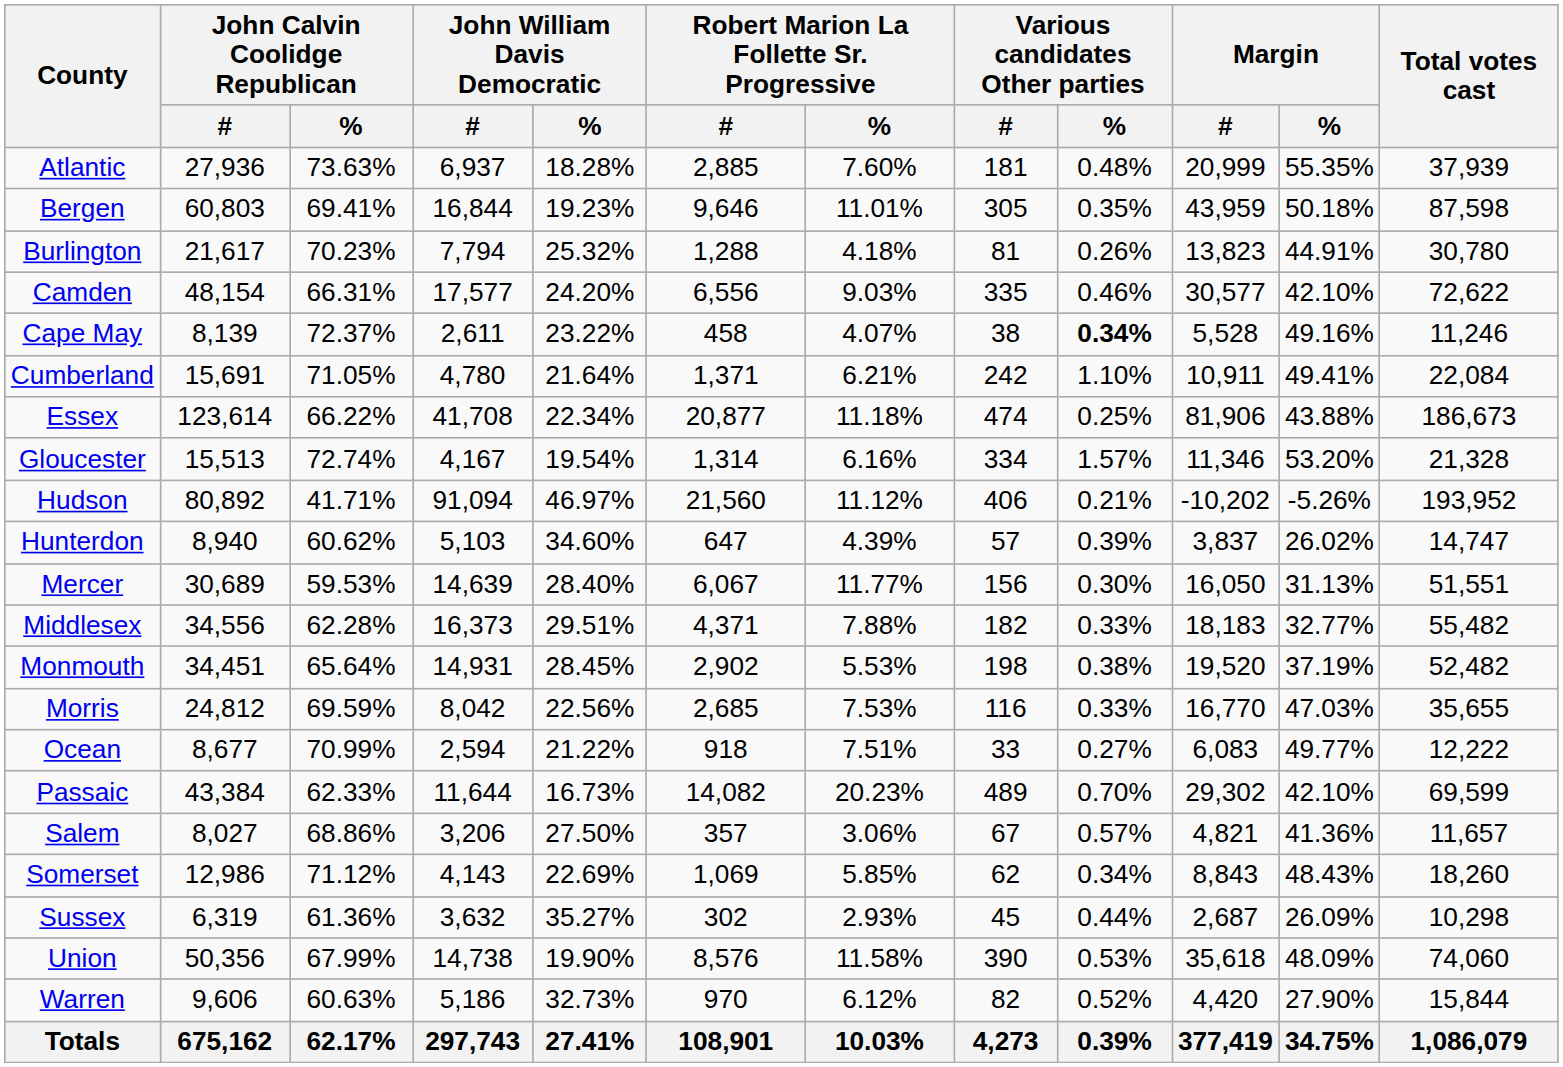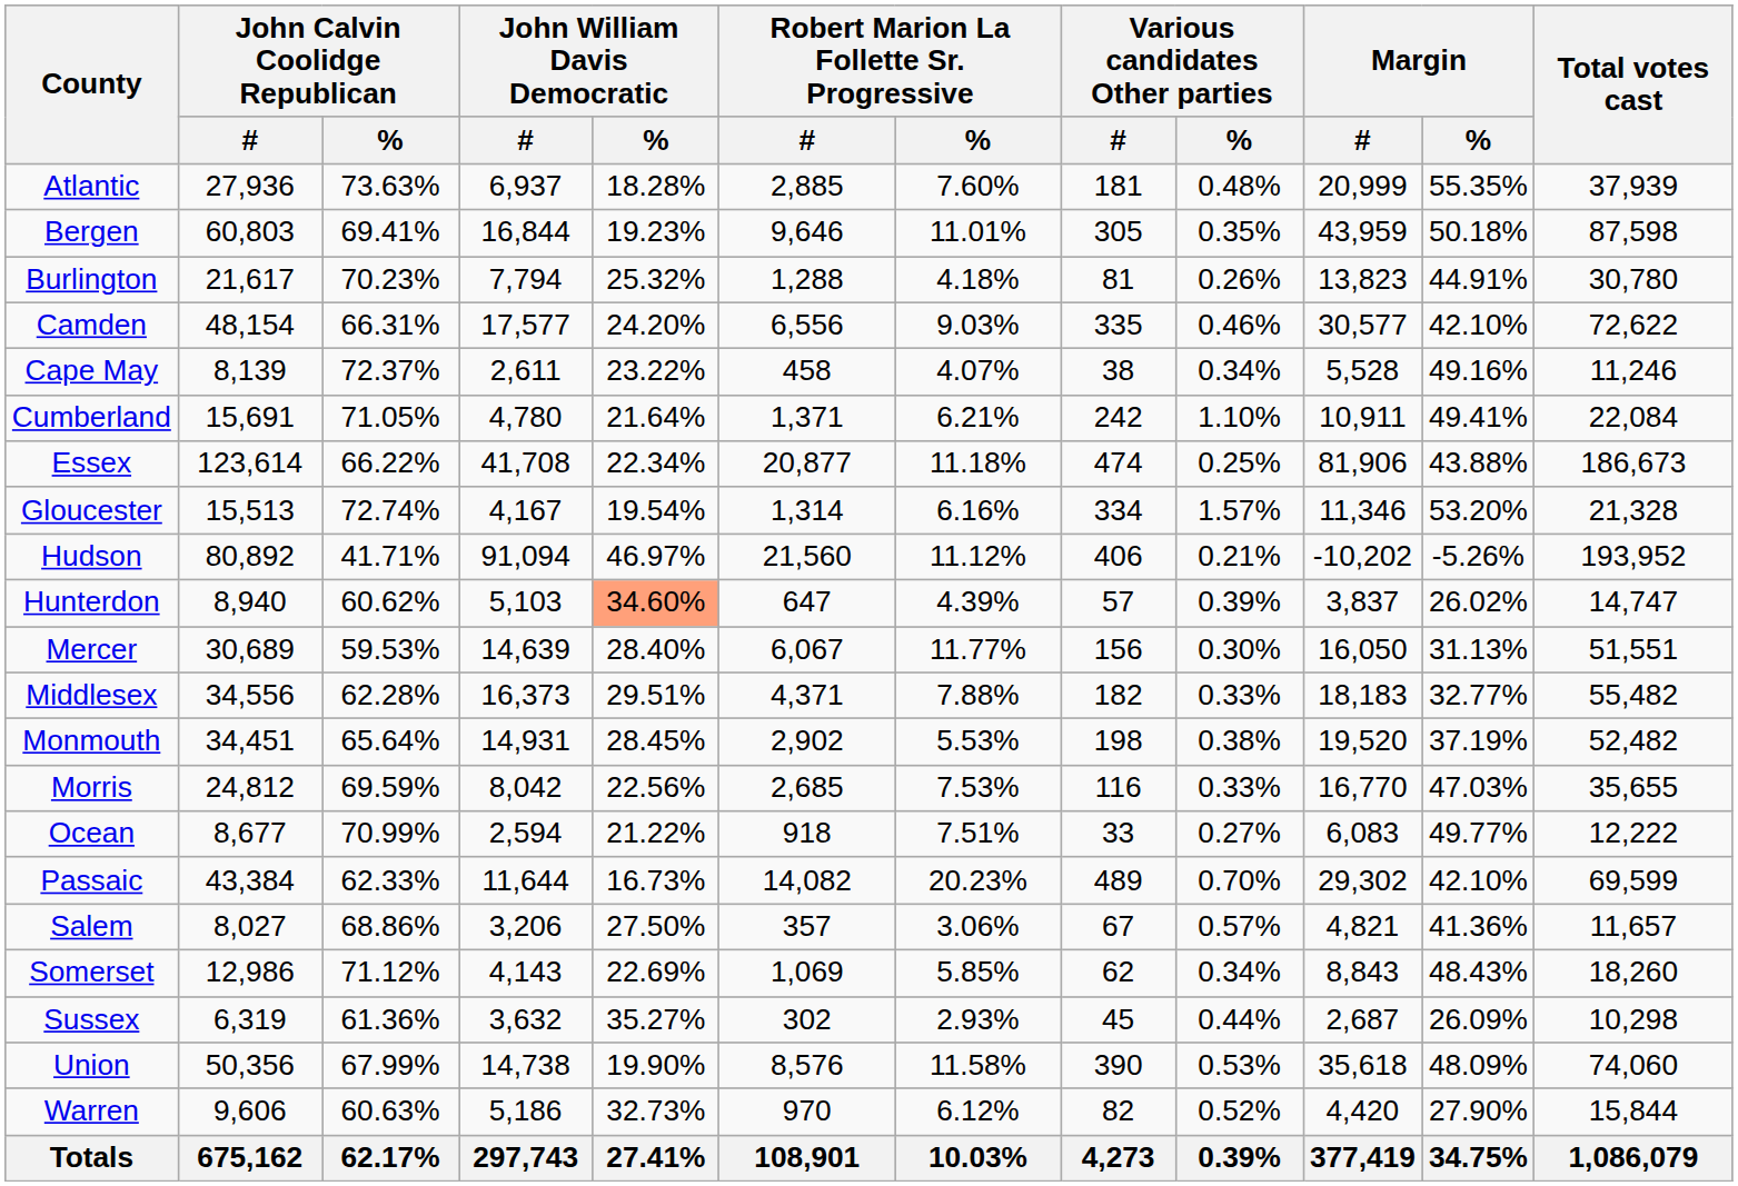 <table width="75%"  class="wikitable sortable" style="text-align:center">
 <tr>
 <th style="text-align:center;" rowspan="2">County</th>
 <th style="text-align:center;" colspan="2">John Calvin Coolidge<br>Republican</th>
 <th style="text-align:center;" colspan="2">John William Davis<br> Democratic</th>
 <th style="text-align:center;" colspan="2">Robert Marion La Follette Sr.<br>Progressive</th>
 <th style="text-align:center;" colspan="2">Various candidates<br>Other parties</th>
 <th style="text-align:center;" colspan="2">Margin</th>
 <th style="text-align:center;" rowspan="2">Total votes cast</th>
 </tr>
 <tr>
 <th style="text-align:center;" data-sort-type="number">#</th>
 <th style="text-align:center;" data-sort-type="number">%</th>
 <th style="text-align:center;" data-sort-type="number">#</th>
 <th style="text-align:center;" data-sort-type="number">%</th>
 <th style="text-align:center;" data-sort-type="number">#</th>
 <th style="text-align:center;" data-sort-type="number">%</th>
 <th style="text-align:center;" data-sort-type="number">#</th>
 <th style="text-align:center;" data-sort-type="number">%</th>
 <th style="text-align:center;" data-sort-type="number">#</th>
 <th style="text-align:center;" data-sort-type="number">%</th>
 </tr>
 <tr style="text-align:center;">
 <td><a href='#'>Atlantic</a></td>
 <td>27,936</td>
 <td>73.63%</td>
 <td>6,937</td>
 <td>18.28%</td>
 <td>2,885</td>
 <td>7.60%</td>
 <td>181</td>
 <td>0.48%</td>
 <td>20,999</td>
 <td>55.35%</td>
 <td>37,939</td>
 </tr>
 <tr style="text-align:center;">
 <td><a href='#'>Bergen</a></td>
 <td>60,803</td>
 <td>69.41%</td>
 <td>16,844</td>
 <td>19.23%</td>
 <td>9,646</td>
 <td>11.01%</td>
 <td>305</td>
 <td>0.35%</td>
 <td>43,959</td>
 <td>50.18%</td>
 <td>87,598</td>
 </tr>
 <tr style="text-align:center;">
 <td><a href='#'>Burlington</a></td>
 <td>21,617</td>
 <td>70.23%</td>
 <td>7,794</td>
 <td>25.32%</td>
 <td>1,288</td>
 <td>4.18%</td>
 <td>81</td>
 <td>0.26%</td>
 <td>13,823</td>
 <td>44.91%</td>
 <td>30,780</td>
 </tr>
 <tr style="text-align:center;">
 <td><a href='#'>Camden</a></td>
 <td>48,154</td>
 <td>66.31%</td>
 <td>17,577</td>
 <td>24.20%</td>
 <td>6,556</td>
 <td>9.03%</td>
 <td>335</td>
 <td>0.46%</td>
 <td>30,577</td>
 <td>42.10%</td>
 <td>72,622</td>
 </tr>
 <tr style="text-align:center;">
 <td><a href='#'>Cape May</a></td>
 <td>8,139</td>
 <td>72.37%</td>
 <td>2,611</td>
 <td>23.22%</td>
 <td>458</td>
 <td>4.07%</td>
 <td>38</td>
-<td><strong>0.34%</strong></td>
+<td>0.34%</td>
 <td>5,528</td>
 <td>49.16%</td>
 <td>11,246</td>
 </tr>
 <tr style="text-align:center;">
 <td><a href='#'>Cumberland</a></td>
 <td>15,691</td>
 <td>71.05%</td>
 <td>4,780</td>
 <td>21.64%</td>
 <td>1,371</td>
 <td>6.21%</td>
 <td>242</td>
 <td>1.10%</td>
 <td>10,911</td>
 <td>49.41%</td>
 <td>22,084</td>
 </tr>
 <tr style="text-align:center;">
 <td><a href='#'>Essex</a></td>
 <td>123,614</td>
 <td>66.22%</td>
 <td>41,708</td>
 <td>22.34%</td>
 <td>20,877</td>
 <td>11.18%</td>
 <td>474</td>
 <td>0.25%</td>
 <td>81,906</td>
 <td>43.88%</td>
 <td>186,673</td>
 </tr>
 <tr style="text-align:center;">
 <td><a href='#'>Gloucester</a></td>
 <td>15,513</td>
 <td>72.74%</td>
 <td>4,167</td>
 <td>19.54%</td>
 <td>1,314</td>
 <td>6.16%</td>
 <td>334</td>
 <td>1.57%</td>
 <td>11,346</td>
 <td>53.20%</td>
 <td>21,328</td>
 </tr>
 <tr style="text-align:center;">
 <td><a href='#'>Hudson</a></td>
 <td>80,892</td>
 <td>41.71%</td>
 <td>91,094</td>
 <td>46.97%</td>
 <td>21,560</td>
 <td>11.12%</td>
 <td>406</td>
 <td>0.21%</td>
 <td>-10,202</td>
 <td>-5.26%</td>
 <td>193,952</td>
 </tr>
 <tr style="text-align:center;">
 <td><a href='#'>Hunterdon</a></td>
 <td>8,940</td>
 <td>60.62%</td>
 <td>5,103</td>
-<td>34.60%</td>
+<td style="background: lightsalmon;">34.60%</td>
 <td>647</td>
 <td>4.39%</td>
 <td>57</td>
 <td>0.39%</td>
 <td>3,837</td>
 <td>26.02%</td>
 <td>14,747</td>
 </tr>
 <tr style="text-align:center;">
 <td><a href='#'>Mercer</a></td>
 <td>30,689</td>
 <td>59.53%</td>
 <td>14,639</td>
 <td>28.40%</td>
 <td>6,067</td>
 <td>11.77%</td>
 <td>156</td>
 <td>0.30%</td>
 <td>16,050</td>
 <td>31.13%</td>
 <td>51,551</td>
 </tr>
 <tr style="text-align:center;">
 <td><a href='#'>Middlesex</a></td>
 <td>34,556</td>
 <td>62.28%</td>
 <td>16,373</td>
 <td>29.51%</td>
 <td>4,371</td>
 <td>7.88%</td>
 <td>182</td>
 <td>0.33%</td>
 <td>18,183</td>
 <td>32.77%</td>
 <td>55,482</td>
 </tr>
 <tr style="text-align:center;">
 <td><a href='#'>Monmouth</a></td>
 <td>34,451</td>
 <td>65.64%</td>
 <td>14,931</td>
 <td>28.45%</td>
 <td>2,902</td>
 <td>5.53%</td>
 <td>198</td>
 <td>0.38%</td>
 <td>19,520</td>
 <td>37.19%</td>
 <td>52,482</td>
 </tr>
 <tr style="text-align:center;">
 <td><a href='#'>Morris</a></td>
 <td>24,812</td>
 <td>69.59%</td>
 <td>8,042</td>
 <td>22.56%</td>
 <td>2,685</td>
 <td>7.53%</td>
 <td>116</td>
 <td>0.33%</td>
 <td>16,770</td>
 <td>47.03%</td>
 <td>35,655</td>
 </tr>
 <tr style="text-align:center;">
 <td><a href='#'>Ocean</a></td>
 <td>8,677</td>
 <td>70.99%</td>
 <td>2,594</td>
 <td>21.22%</td>
 <td>918</td>
 <td>7.51%</td>
 <td>33</td>
 <td>0.27%</td>
 <td>6,083</td>
 <td>49.77%</td>
 <td>12,222</td>
 </tr>
 <tr style="text-align:center;">
 <td><a href='#'>Passaic</a></td>
 <td>43,384</td>
 <td>62.33%</td>
 <td>11,644</td>
 <td>16.73%</td>
 <td>14,082</td>
 <td>20.23%</td>
 <td>489</td>
 <td>0.70%</td>
 <td>29,302</td>
 <td>42.10%</td>
 <td>69,599</td>
 </tr>
 <tr style="text-align:center;">
 <td><a href='#'>Salem</a></td>
 <td>8,027</td>
 <td>68.86%</td>
 <td>3,206</td>
 <td>27.50%</td>
 <td>357</td>
 <td>3.06%</td>
 <td>67</td>
 <td>0.57%</td>
 <td>4,821</td>
 <td>41.36%</td>
 <td>11,657</td>
 </tr>
 <tr style="text-align:center;">
 <td><a href='#'>Somerset</a></td>
 <td>12,986</td>
 <td>71.12%</td>
 <td>4,143</td>
 <td>22.69%</td>
 <td>1,069</td>
 <td>5.85%</td>
 <td>62</td>
 <td>0.34%</td>
 <td>8,843</td>
 <td>48.43%</td>
 <td>18,260</td>
 </tr>
 <tr style="text-align:center;">
 <td><a href='#'>Sussex</a></td>
 <td>6,319</td>
 <td>61.36%</td>
 <td>3,632</td>
 <td>35.27%</td>
 <td>302</td>
 <td>2.93%</td>
 <td>45</td>
 <td>0.44%</td>
 <td>2,687</td>
 <td>26.09%</td>
 <td>10,298</td>
 </tr>
 <tr style="text-align:center;">
 <td><a href='#'>Union</a></td>
 <td>50,356</td>
 <td>67.99%</td>
 <td>14,738</td>
 <td>19.90%</td>
 <td>8,576</td>
 <td>11.58%</td>
 <td>390</td>
 <td>0.53%</td>
 <td>35,618</td>
 <td>48.09%</td>
 <td>74,060</td>
 </tr>
 <tr style="text-align:center;">
 <td><a href='#'>Warren</a></td>
 <td>9,606</td>
 <td>60.63%</td>
 <td>5,186</td>
 <td>32.73%</td>
 <td>970</td>
 <td>6.12%</td>
 <td>82</td>
 <td>0.52%</td>
 <td>4,420</td>
 <td>27.90%</td>
 <td>15,844</td>
 </tr>
 <tr style="text-align:center;">
 <th>Totals</th>
 <th>675,162</th>
 <th>62.17%</th>
 <th>297,743</th>
 <th>27.41%</th>
 <th>108,901</th>
 <th>10.03%</th>
 <th>4,273</th>
 <th>0.39%</th>
 <th>377,419</th>
 <th>34.75%</th>
 <th>1,086,079</th>
 </tr>
 </table>
